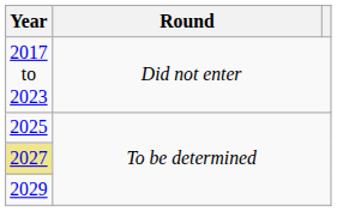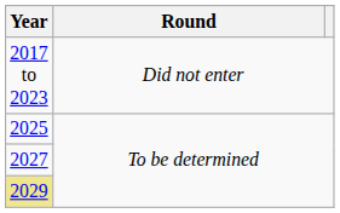 <table class="wikitable" style="text-align: center; font-size:90%">
 <tr>
 <th>Year</th>
 <th style="width:200px">Round</th>
 <th></th>
 </tr>
 <tr>
 <td><a href='#'>2017</a><br>to<br><a href='#'>2023</a></td>
 <td colspan="2"><em>Did not enter</em></td>
 </tr>
 <tr>
 <td><a href='#'>2025</a></td>
 <td colspan="2" rowspan="3"><em>To be determined</em></td>
 </tr>
 <tr>
-<td style="background: khaki;"><a href='#'>2027</a></td>
+<td><a href='#'>2027</a></td>
 </tr>
 <tr>
-<td><a href='#'>2029</a></td>
+<td style="background: khaki;"><a href='#'>2029</a></td>
 </tr>
 </table>
